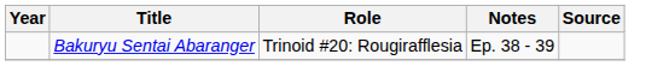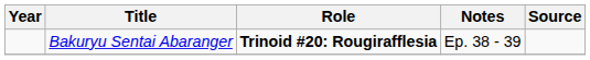 <table class="wikitable sortable plainrowheaders">
 <tr>
 <th>Year</th>
 <th>Title</th>
 <th>Role</th>
 <th class="unsortable">Notes</th>
 <th class="unsortable">Source</th>
 </tr>
 <tr>
 <td></td>
 <td><em><a href='#'>Bakuryu Sentai Abaranger</a></em></td>
-<td>Trinoid #20: Rougirafflesia</td>
+<td><strong>Trinoid #20: Rougirafflesia</strong></td>
 <td>Ep. 38 - 39</td>
 <td></td>
 </tr>
 <tr>
 </tr>
 </table>
